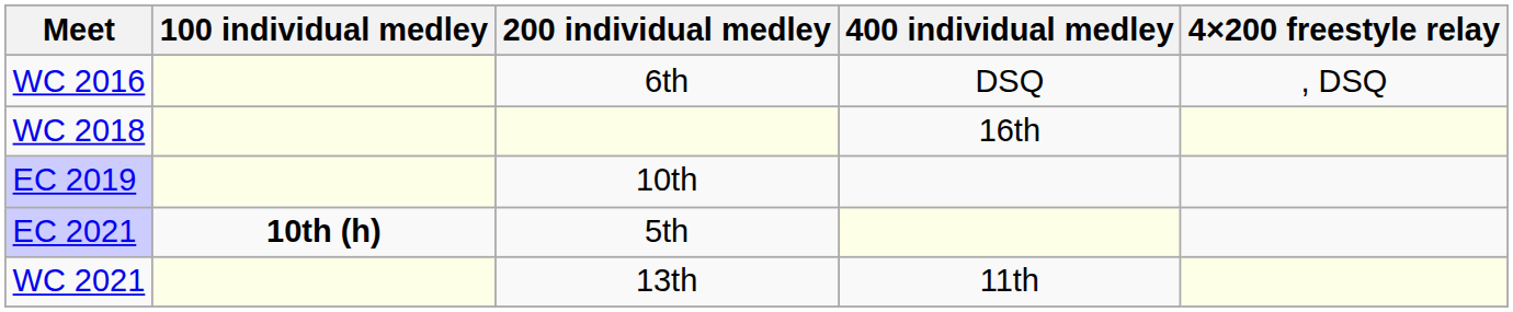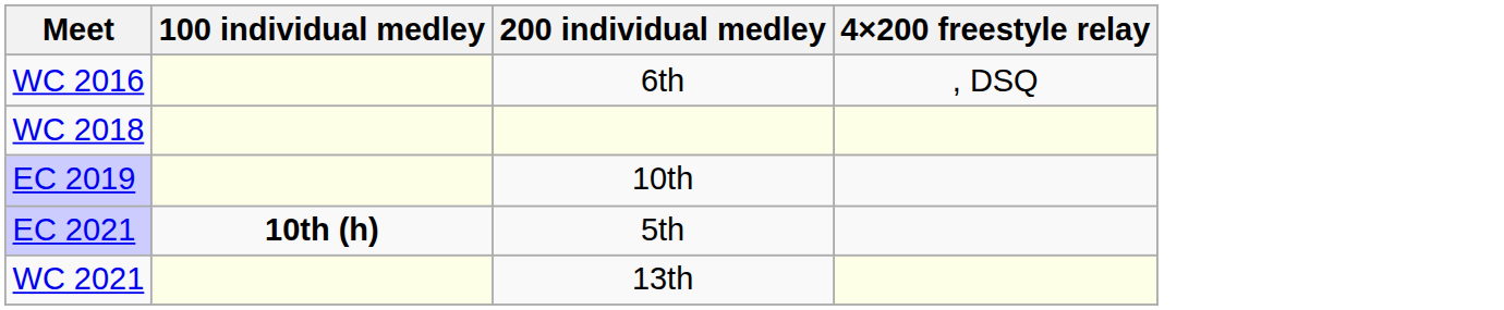 <table class="sortable wikitable">
 <tr>
 <th>Meet</th>
 <th class="unsortable">100 individual medley</th>
 <th class="unsortable">200 individual medley</th>
-<th class="unsortable">400 individual medley</th>
 <th class="unsortable">4×200 freestyle relay</th>
 </tr>
 <tr>
 <td><a href='#'>WC 2016</a></td>
 <td style="background:#fdffe7"></td>
 <td align="center">6th</td>
-<td align="center">DSQ</td>
 <td align="center">, DSQ</td>
 </tr>
 <tr>
 <td><a href='#'>WC 2018</a></td>
 <td style="background:#fdffe7"></td>
 <td style="background:#fdffe7"></td>
-<td align="center">16th</td>
 <td style="background:#fdffe7"></td>
 </tr>
 <tr>
 <td style="background:#ccccff"><a href='#'>EC 2019</a></td>
 <td style="background:#fdffe7"></td>
 <td align="center">10th</td>
-<td align="center"></td>
 <td></td>
 </tr>
 <tr>
 <td style="background:#ccccff"><a href='#'>EC 2021</a></td>
 <td align="center"><strong>10th (h)</strong></td>
 <td align="center">5th</td>
-<td style="background:#fdffe7"></td>
 <td></td>
 </tr>
 <tr>
 <td><a href='#'>WC 2021</a></td>
 <td style="background:#fdffe7"></td>
 <td align="center">13th</td>
-<td align="center">11th</td>
 <td style="background:#fdffe7"></td>
 </tr>
 </table>
